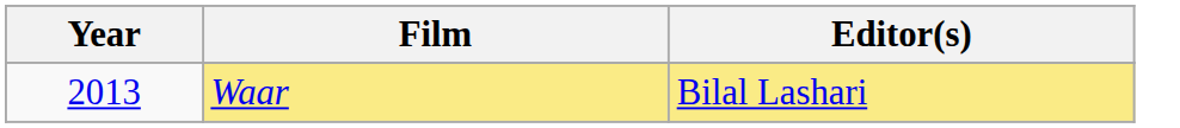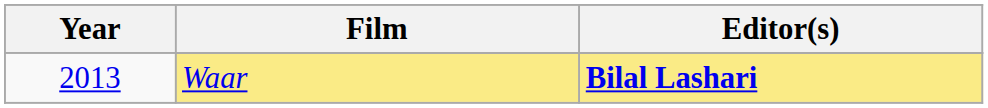 <table class="wikitable">
 <tr>
 <th width="8%">Year</th>
 <th width="19%">Film</th>
 <th width="19%">Editor(s)</th>
 </tr>
 <tr>
 <td rowspan=2 style="text-align:center"><a href='#'>2013</a><br></td>
 </tr>
 <tr style="background:#FAEB86">
 <td><em><a href='#'>Waar</a></em></td>
-<td><a href='#'>Bilal Lashari</a></td>
+<td><strong><a href='#'>Bilal Lashari</a></strong></td>
 </tr>
 </table>
